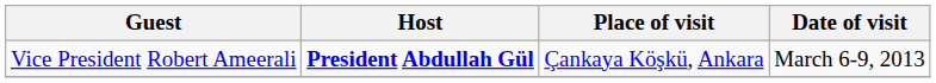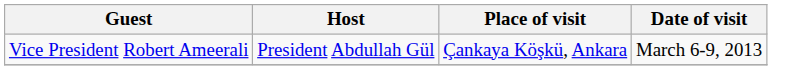 <table class="wikitable" border="1">
 <tr>
 <th>Guest</th>
 <th>Host</th>
 <th>Place of visit</th>
 <th>Date of visit</th>
 </tr>
 <tr>
 <td> <a href='#'>Vice President</a> <a href='#'>Robert Ameerali</a></td>
-<td><strong> <a href='#'>President</a> <a href='#'>Abdullah Gül</a></strong></td>
+<td> <a href='#'>President</a> <a href='#'>Abdullah Gül</a></td>
 <td><a href='#'>Çankaya Köşkü</a>, <a href='#'>Ankara</a></td>
 <td>March 6-9, 2013</td>
 </tr>
 <tr>
 </tr>
 </table>
